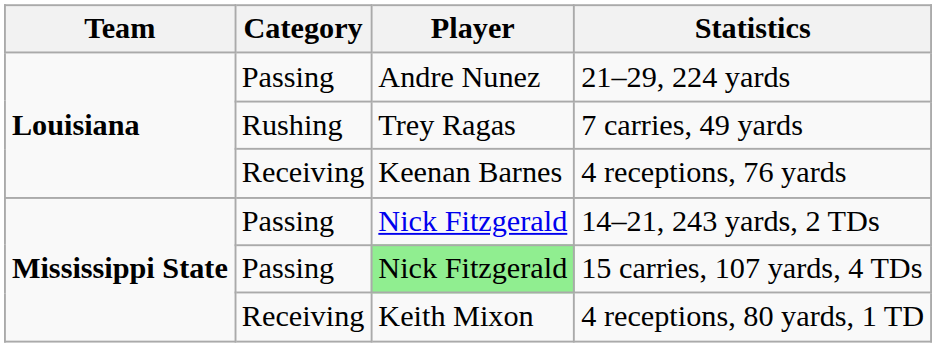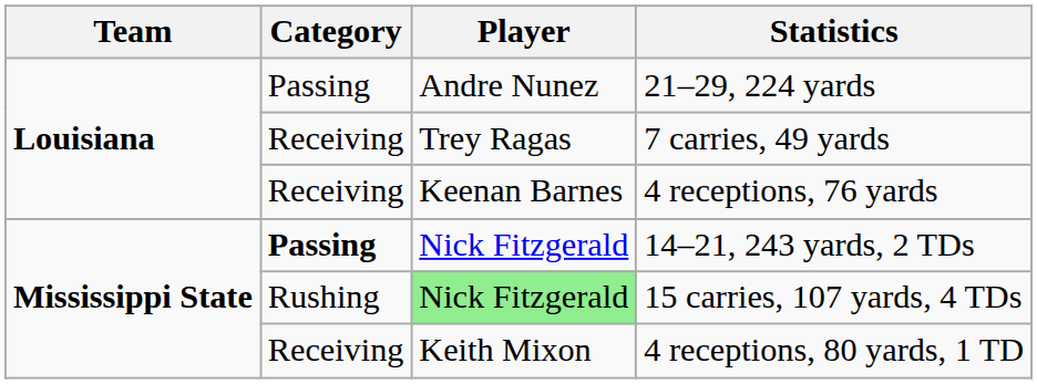 <table class="wikitable" style="float: left;">
 <tr>
 <th>Team</th>
 <th>Category</th>
 <th>Player</th>
 <th>Statistics</th>
 </tr>
 <tr>
 <td rowspan=3><strong>Louisiana</strong></td>
 <td>Passing</td>
 <td>Andre Nunez</td>
 <td>21–29, 224 yards</td>
 </tr>
 <tr>
-<td>Rushing</td>
+<td>Receiving</td>
 <td>Trey Ragas</td>
 <td>7 carries, 49 yards</td>
 </tr>
 <tr>
 <td>Receiving</td>
 <td>Keenan Barnes</td>
 <td>4 receptions, 76 yards</td>
 </tr>
 <tr>
 <td rowspan=3><strong>Mississippi State</strong></td>
-<td>Passing</td>
+<td><strong>Passing</strong></td>
 <td><a href='#'>Nick Fitzgerald</a></td>
 <td>14–21, 243 yards, 2 TDs</td>
 </tr>
 <tr>
-<td>Passing</td>
+<td>Rushing</td>
 <td style="background: lightgreen;">Nick Fitzgerald</td>
 <td>15 carries, 107 yards, 4 TDs</td>
 </tr>
 <tr>
 <td>Receiving</td>
 <td>Keith Mixon</td>
 <td>4 receptions, 80 yards, 1 TD</td>
 </tr>
 </table>
